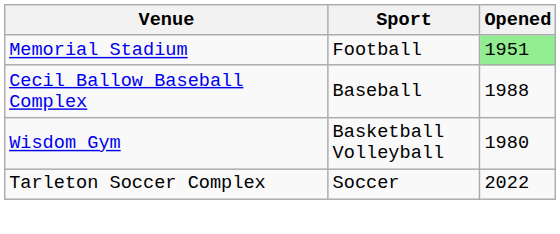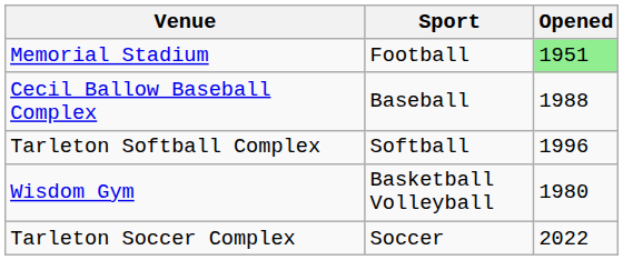 <table class="wikitable"; style= "text-align: ">
 <tr>
 <th width=220px>Venue</th>
 <th width=100px>Sport</th>
 <th width=px>Opened</th>
 </tr>
 <tr>
 <td><a href='#'>Memorial Stadium</a></td>
 <td>Football</td>
 <td style="background: lightgreen;">1951</td>
 </tr>
 <tr>
 <td><a href='#'>Cecil Ballow Baseball Complex</a></td>
 <td>Baseball</td>
 <td>1988</td>
 </tr>
 <tr>
+<td>Tarleton Softball Complex</td>
+<td>Softball</td>
+<td>1996</td>
+</tr>
+<tr>
 <td><a href='#'>Wisdom Gym</a></td>
 <td>Basketball <br> Volleyball</td>
 <td>1980</td>
 </tr>
 <tr>
 <td>Tarleton Soccer Complex</td>
 <td>Soccer</td>
 <td>2022 </td>
 </tr>
 </table>
